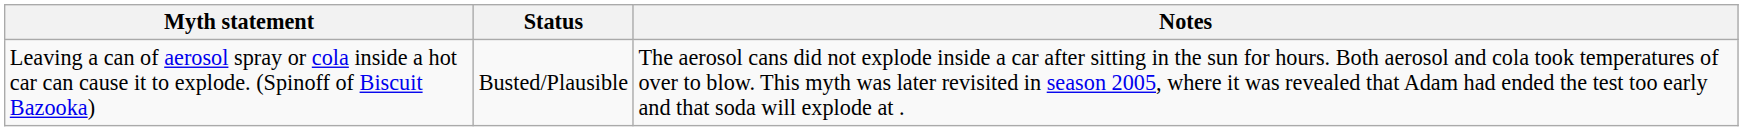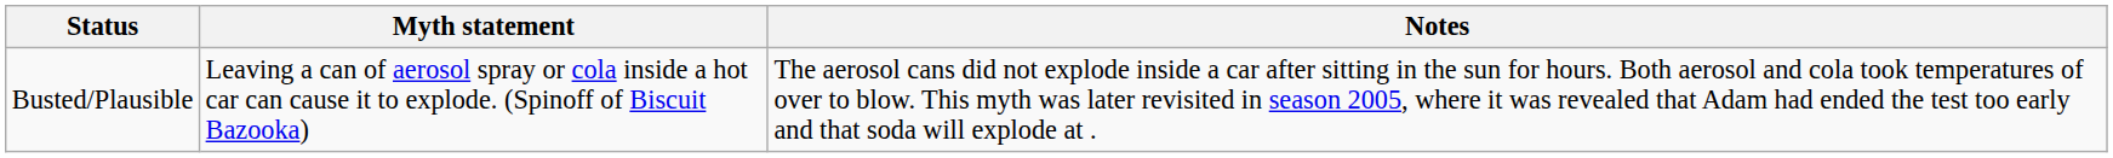 <table class="wikitable plainrowheaders">
 <tr>
+<th>Status</th>
 <th>Myth statement</th>
-<th>Status</th>
 <th>Notes</th>
 </tr>
 <tr>
+<td><span>Busted</span>/<span>Plausible</span></td>
 <td>Leaving a can of <a href='#'>aerosol</a> spray or <a href='#'>cola</a> inside a hot car can cause it to explode. (Spinoff of <a href='#'>Biscuit Bazooka</a>)</td>
-<td><span>Busted</span>/<span>Plausible</span></td>
 <td>The aerosol cans did not explode inside a car after sitting in the sun for hours. Both aerosol and cola took temperatures of over  to blow. This myth was later revisited in <a href='#'>season 2005</a>, where it was revealed that Adam had ended the test too early and that soda will explode at .</td>
 </tr>
 </table>
